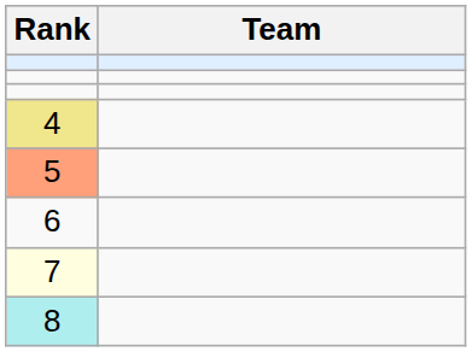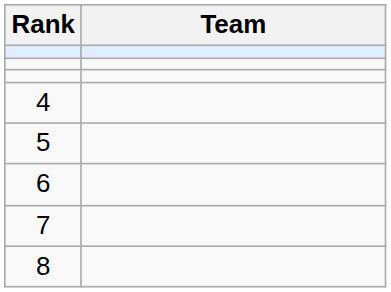 <table class="wikitable" style="text-align: center;">
 <tr>
 <th width=40>Rank</th>
 <th width=180>Team</th>
 </tr>
 <tr bgcolor=#dfefff>
 <td></td>
 <td style="text-align:left;"></td>
 </tr>
 <tr align=center>
 <td></td>
 <td style="text-align:left;"></td>
 </tr>
 <tr align=center>
 <td></td>
 <td style="text-align:left;"></td>
 </tr>
 <tr align=center>
-<td style="background: khaki;">4</td>
+<td>4</td>
 <td style="text-align:left;"></td>
 </tr>
 <tr align=center>
-<td style="background: lightsalmon;">5</td>
+<td>5</td>
 <td style="text-align:left;"></td>
 </tr>
 <tr align=center>
 <td>6</td>
 <td style="text-align:left;"></td>
 </tr>
 <tr align=center>
-<td style="background: lightyellow;">7</td>
+<td>7</td>
 <td style="text-align:left;"></td>
 </tr>
 <tr align=center>
-<td style="background: paleturquoise;">8</td>
+<td>8</td>
 <td style="text-align:left;"></td>
 </tr>
 </table>
